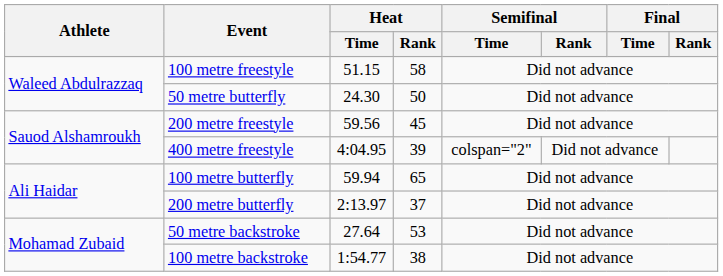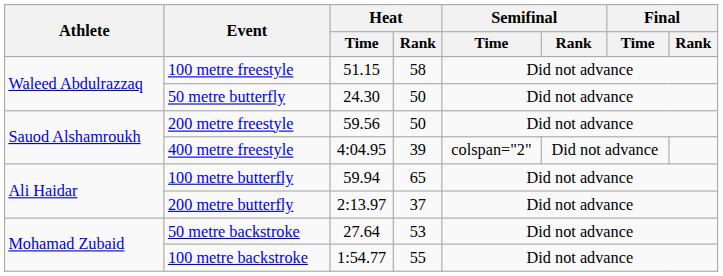 <table class="wikitable" style="text-align:center; font-size:90%; width:50%;">
 <tr>
 <th rowspan="2">Athlete</th>
 <th rowspan="2">Event</th>
 <th colspan="2">Heat</th>
 <th colspan="2">Semifinal</th>
 <th colspan="2">Final</th>
 </tr>
 <tr style="font-size:95%">
 <th>Time</th>
 <th>Rank</th>
 <th>Time</th>
 <th>Rank</th>
 <th>Time</th>
 <th>Rank</th>
 </tr>
 <tr>
 <td align=left rowspan=2><a href='#'>Waleed Abdulrazzaq</a></td>
 <td align=left><a href='#'>100 metre freestyle</a></td>
 <td>51.15</td>
 <td>58</td>
 <td colspan=4>Did not advance</td>
 </tr>
 <tr>
 <td align=left><a href='#'>50 metre butterfly</a></td>
 <td>24.30</td>
 <td>50</td>
 <td colspan=4>Did not advance</td>
 </tr>
 <tr>
 <td align=left rowspan=2><a href='#'>Sauod Alshamroukh</a></td>
 <td align=left><a href='#'>200 metre freestyle</a></td>
 <td>59.56</td>
-<td>45</td>
+<td>50</td>
 <td colspan=4>Did not advance</td>
 </tr>
 <tr>
 <td align=left><a href='#'>400 metre freestyle</a></td>
 <td>4:04.95</td>
 <td>39</td>
 <td>colspan="2" </td>
 <td colspan="2">Did not advance</td>
 </tr>
 <tr>
 <td align=left rowspan=2><a href='#'>Ali Haidar</a></td>
 <td align=left><a href='#'>100 metre butterfly</a></td>
 <td>59.94</td>
 <td>65</td>
 <td colspan=4>Did not advance</td>
 </tr>
 <tr>
 <td align=left><a href='#'>200 metre butterfly</a></td>
 <td>2:13.97</td>
 <td>37</td>
 <td colspan=4>Did not advance</td>
 </tr>
 <tr>
 <td align=left rowspan=2><a href='#'>Mohamad Zubaid</a></td>
 <td align=left><a href='#'>50 metre backstroke</a></td>
 <td>27.64</td>
 <td>53</td>
 <td colspan=4>Did not advance</td>
 </tr>
 <tr>
 <td align=left><a href='#'>100 metre backstroke</a></td>
 <td>1:54.77</td>
-<td>38</td>
+<td>55</td>
 <td colspan=4>Did not advance</td>
 </tr>
 </table>
